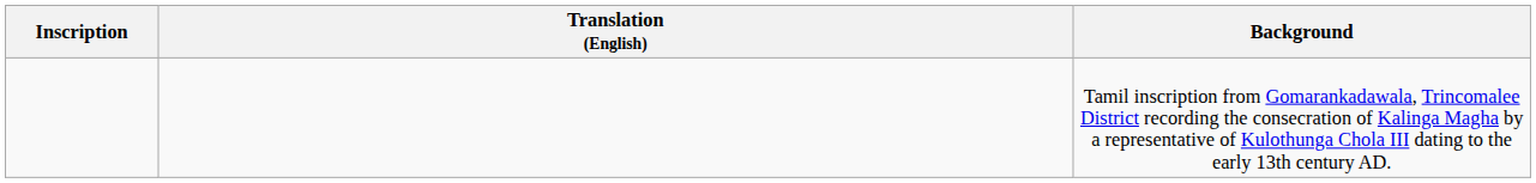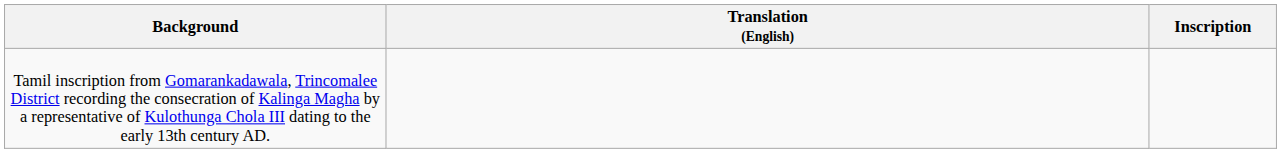 <table class="wikitable centre">
 <tr>
+<th scope="col" align=left>Background<br></th>
+<th>Translation<br><small>(English)</small></th>
 <th>Inscription<br></th>
-<th>Translation<br><small>(English)</small></th>
-<th scope="col" align=left>Background<br></th>
 </tr>
 <tr>
+<td align=center width="30%"><br>Tamil inscription from <a href='#'>Gomarankadawala</a>, <a href='#'>Trincomalee District</a> recording the consecration of <a href='#'>Kalinga Magha</a> by a representative of <a href='#'>Kulothunga Chola III</a> dating to the early 13th century AD.</td>
+<td align=left><br></td>
 <td align=center width="10%"><br></td>
-<td align=left><br></td>
-<td align=center width="30%"><br>Tamil inscription from <a href='#'>Gomarankadawala</a>, <a href='#'>Trincomalee District</a> recording the consecration of <a href='#'>Kalinga Magha</a> by a representative of <a href='#'>Kulothunga Chola III</a> dating to the early 13th century AD.</td>
 </tr>
 </table>
